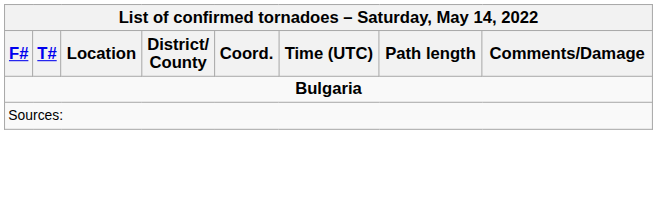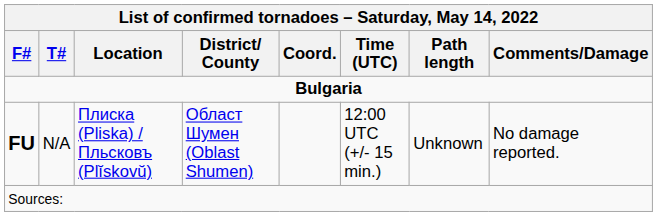 <table class="wikitable collapsible" width="100%">
 <tr>
 <th colspan="8">List of confirmed tornadoes – Saturday, May 14, 2022</th>
 </tr>
 <tr>
 <th><a href='#'>F#</a></th>
 <th><a href='#'>T#</a></th>
 <th>Location</th>
 <th>District/<br>County</th>
 <th>Coord.</th>
 <th>Time (UTC)</th>
 <th>Path length</th>
 <th>Comments/Damage</th>
 </tr>
 <tr>
 <td colspan="8" align=center><strong>Bulgaria</strong></td>
 </tr>
 <tr>
+<td><big><strong>FU</strong></big></td>
+<td>N/A</td>
+<td><a href='#'>Плиска (Pliska) / Пльсковъ (Plĭskovŭ)</a></td>
+<td><a href='#'>Област Шумен (Oblast Shumen)</a></td>
+<td></td>
+<td>12:00 UTC (+/- 15 min.)</td>
+<td>Unknown</td>
+<td>No damage reported.</td>
+</tr>
+<tr>
 <td colspan="8"><small>Sources:  </small></td>
 </tr>
 </table>
